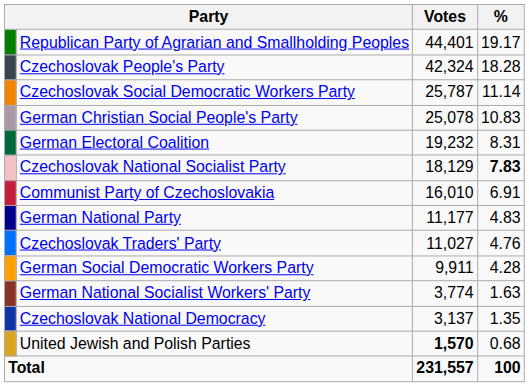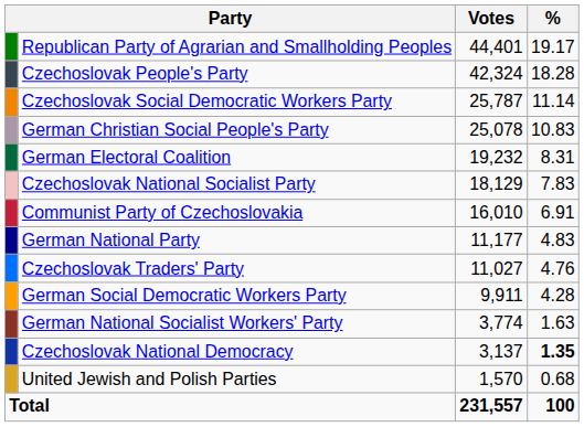 <table class=wikitable style=text-align:right>
 <tr>
 <th colspan=2>Party</th>
 <th>Votes</th>
 <th>%</th>
 </tr>
 <tr>
 <td bgcolor="#008000"> </td>
 <td align=left><a href='#'>Republican Party of Agrarian and Smallholding Peoples</a></td>
 <td>44,401</td>
 <td>19.17</td>
 </tr>
 <tr>
 <td bgcolor="#36454F"> </td>
 <td align=left><a href='#'>Czechoslovak People's Party</a></td>
 <td>42,324</td>
 <td>18.28</td>
 </tr>
 <tr>
 <td bgcolor="F28500"> </td>
 <td align=left><a href='#'>Czechoslovak Social Democratic Workers Party</a></td>
 <td>25,787</td>
 <td>11.14</td>
 </tr>
 <tr>
 <td bgcolor="#AA98A9"> </td>
 <td align=left><a href='#'>German Christian Social People's Party</a></td>
 <td>25,078</td>
 <td>10.83</td>
 </tr>
 <tr>
 <td bgcolor="#00693E"> </td>
 <td align=left><a href='#'>German Electoral Coalition</a></td>
 <td>19,232</td>
 <td>8.31</td>
 </tr>
 <tr>
 <td bgcolor="F4C2C2"> </td>
 <td align=left><a href='#'>Czechoslovak National Socialist Party</a></td>
 <td>18,129</td>
-<td><strong>7.83</strong></td>
+<td>7.83</td>
 </tr>
 <tr>
 <td bgcolor="#C41E3A"> </td>
 <td align=left><a href='#'>Communist Party of Czechoslovakia</a></td>
 <td>16,010</td>
 <td>6.91</td>
 </tr>
 <tr>
 <td bgcolor="#00008B"> </td>
 <td align=left><a href='#'>German National Party</a></td>
 <td>11,177</td>
 <td>4.83</td>
 </tr>
 <tr>
 <td bgcolor="#0070FF"> </td>
 <td align=left><a href='#'>Czechoslovak Traders' Party</a></td>
 <td>11,027</td>
 <td>4.76</td>
 </tr>
 <tr>
 <td bgcolor="#FFA000"> </td>
 <td align=left><a href='#'>German Social Democratic Workers Party</a></td>
 <td>9,911</td>
 <td>4.28</td>
 </tr>
 <tr>
 <td bgcolor="#8A3324"> </td>
 <td align=left><a href='#'>German National Socialist Workers' Party</a></td>
 <td>3,774</td>
 <td>1.63</td>
 </tr>
 <tr>
 <td bgcolor="#1034A6"> </td>
 <td align=left><a href='#'>Czechoslovak National Democracy</a></td>
 <td>3,137</td>
-<td>1.35</td>
+<td><strong>1.35</strong></td>
 </tr>
 <tr>
 <td bgcolor="#DAA520"> </td>
 <td align=left>United Jewish and Polish Parties</td>
-<td><strong>1,570</strong></td>
+<td>1,570</td>
 <td>0.68</td>
 </tr>
 <tr>
 <td colspan=2 align=left><strong>Total</strong></td>
 <td><strong>231,557</strong></td>
 <td><strong>100</strong></td>
 </tr>
 </table>
